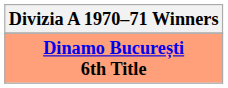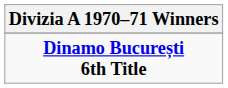 <table class="wikitable" style="text-align: center; margin: 0 auto;">
 <tr>
 <th>Divizia A 1970–71 Winners</th>
 </tr>
 <tr>
 </tr>
 <tr>
-<td style="background: lightsalmon;"><strong><a href='#'>Dinamo București</a></strong><br><strong>6th Title</strong></td>
+<td><strong><a href='#'>Dinamo București</a></strong><br><strong>6th Title</strong></td>
 </tr>
 </table>
